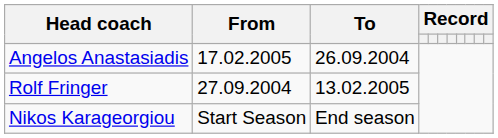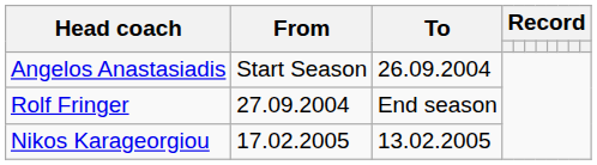 <table class="wikitable" style="text-align: ">
 <tr>
 <th rowspan=2>Head coach</th>
 <th rowspan=2>From</th>
 <th rowspan=2>To</th>
 <th colspan=8>Record</th>
 </tr>
 <tr>
 <th></th>
 <th></th>
 <th></th>
 <th></th>
 <th></th>
 <th></th>
 <th></th>
 <th></th>
 </tr>
 <tr>
 <td> <a href='#'>Angelos Anastasiadis</a></td>
-<td>17.02.2005</td>
+<td>Start Season</td>
 <td>26.09.2004<br></td>
 </tr>
 <tr>
 <td> <a href='#'>Rolf Fringer</a></td>
 <td>27.09.2004</td>
-<td>13.02.2005<br></td>
+<td>End season<br></td>
 </tr>
 <tr>
 <td> <a href='#'>Nikos Karageorgiou</a></td>
-<td>Start Season</td>
-<td>End season<br></td>
+<td>17.02.2005</td>
+<td>13.02.2005<br></td>
 </tr>
 </table>
